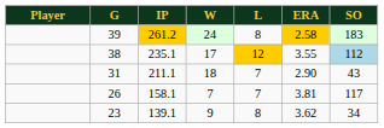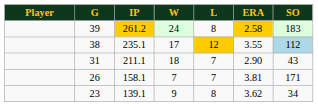 <table class="wikitable sortable">
 <tr>
 <th style="background:#0C371D;color:#ffc322;" width="16%">Player</th>
 <th style="background:#0C371D;color:#ffc322;" width="9%">G</th>
 <th style="background:#0C371D;color:#ffc322;" width="9%">IP</th>
 <th style="background:#0C371D;color:#ffc322;" width="9%">W</th>
 <th style="background:#0C371D;color:#ffc322;" width="9%">L</th>
 <th style="background:#0C371D;color:#ffc322;" width="9%">ERA</th>
 <th style="background:#0C371D;color:#ffc322;" width="9%">SO</th>
 </tr>
 <tr align="center">
 <td></td>
 <td>39</td>
 <td style="background:#fc0;">261.2</td>
 <td style="background:#DDFFDD;">24</td>
 <td>8</td>
 <td style="background:#fc0;">2.58</td>
 <td style="background:#DDFFDD;">183</td>
 </tr>
 <tr align="center">
 <td></td>
 <td>38</td>
 <td>235.1</td>
 <td>17</td>
 <td style="background:#fc0;">12</td>
 <td>3.55</td>
 <td style="background: lightblue;">112</td>
 </tr>
 <tr align="center">
 <td></td>
 <td>31</td>
 <td>211.1</td>
 <td>18</td>
 <td>7</td>
 <td>2.90</td>
 <td>43</td>
 </tr>
 <tr align="center">
 <td></td>
 <td>26</td>
 <td>158.1</td>
 <td>7</td>
 <td>7</td>
 <td>3.81</td>
-<td>117</td>
+<td>171</td>
 </tr>
 <tr align="center">
 <td></td>
 <td>23</td>
 <td>139.1</td>
 <td>9</td>
 <td>8</td>
 <td>3.62</td>
 <td>34</td>
 </tr>
 </table>
